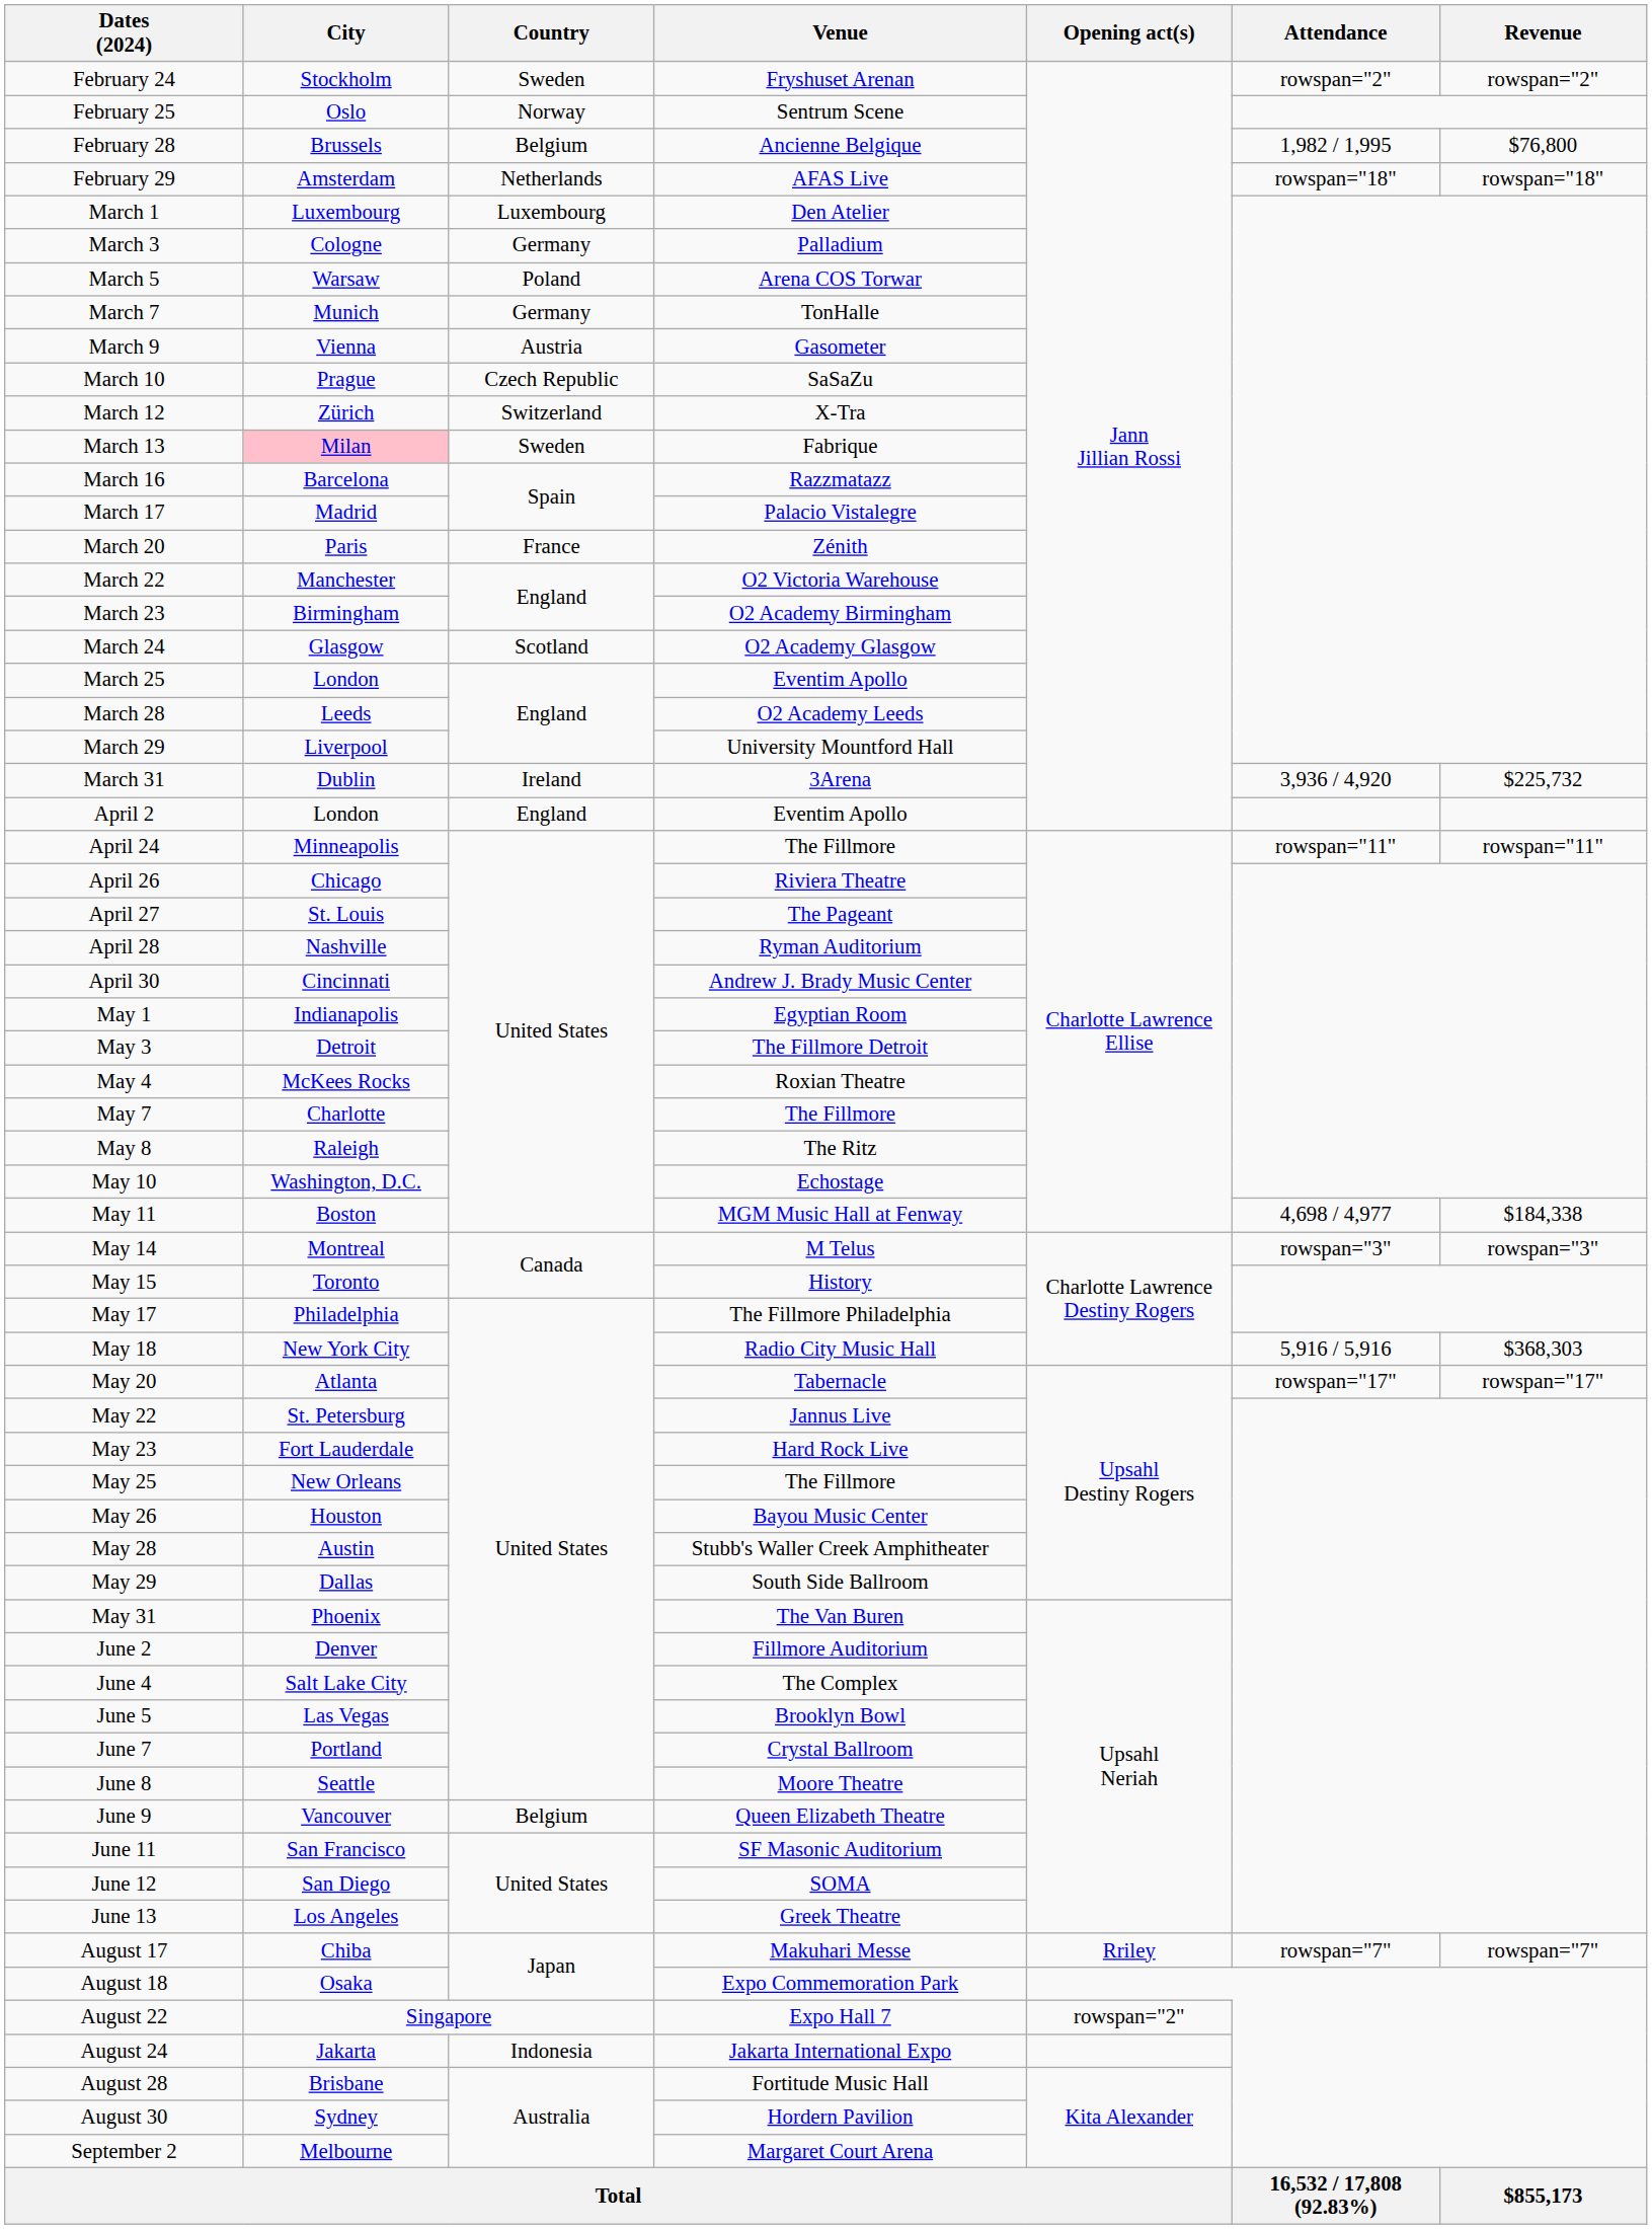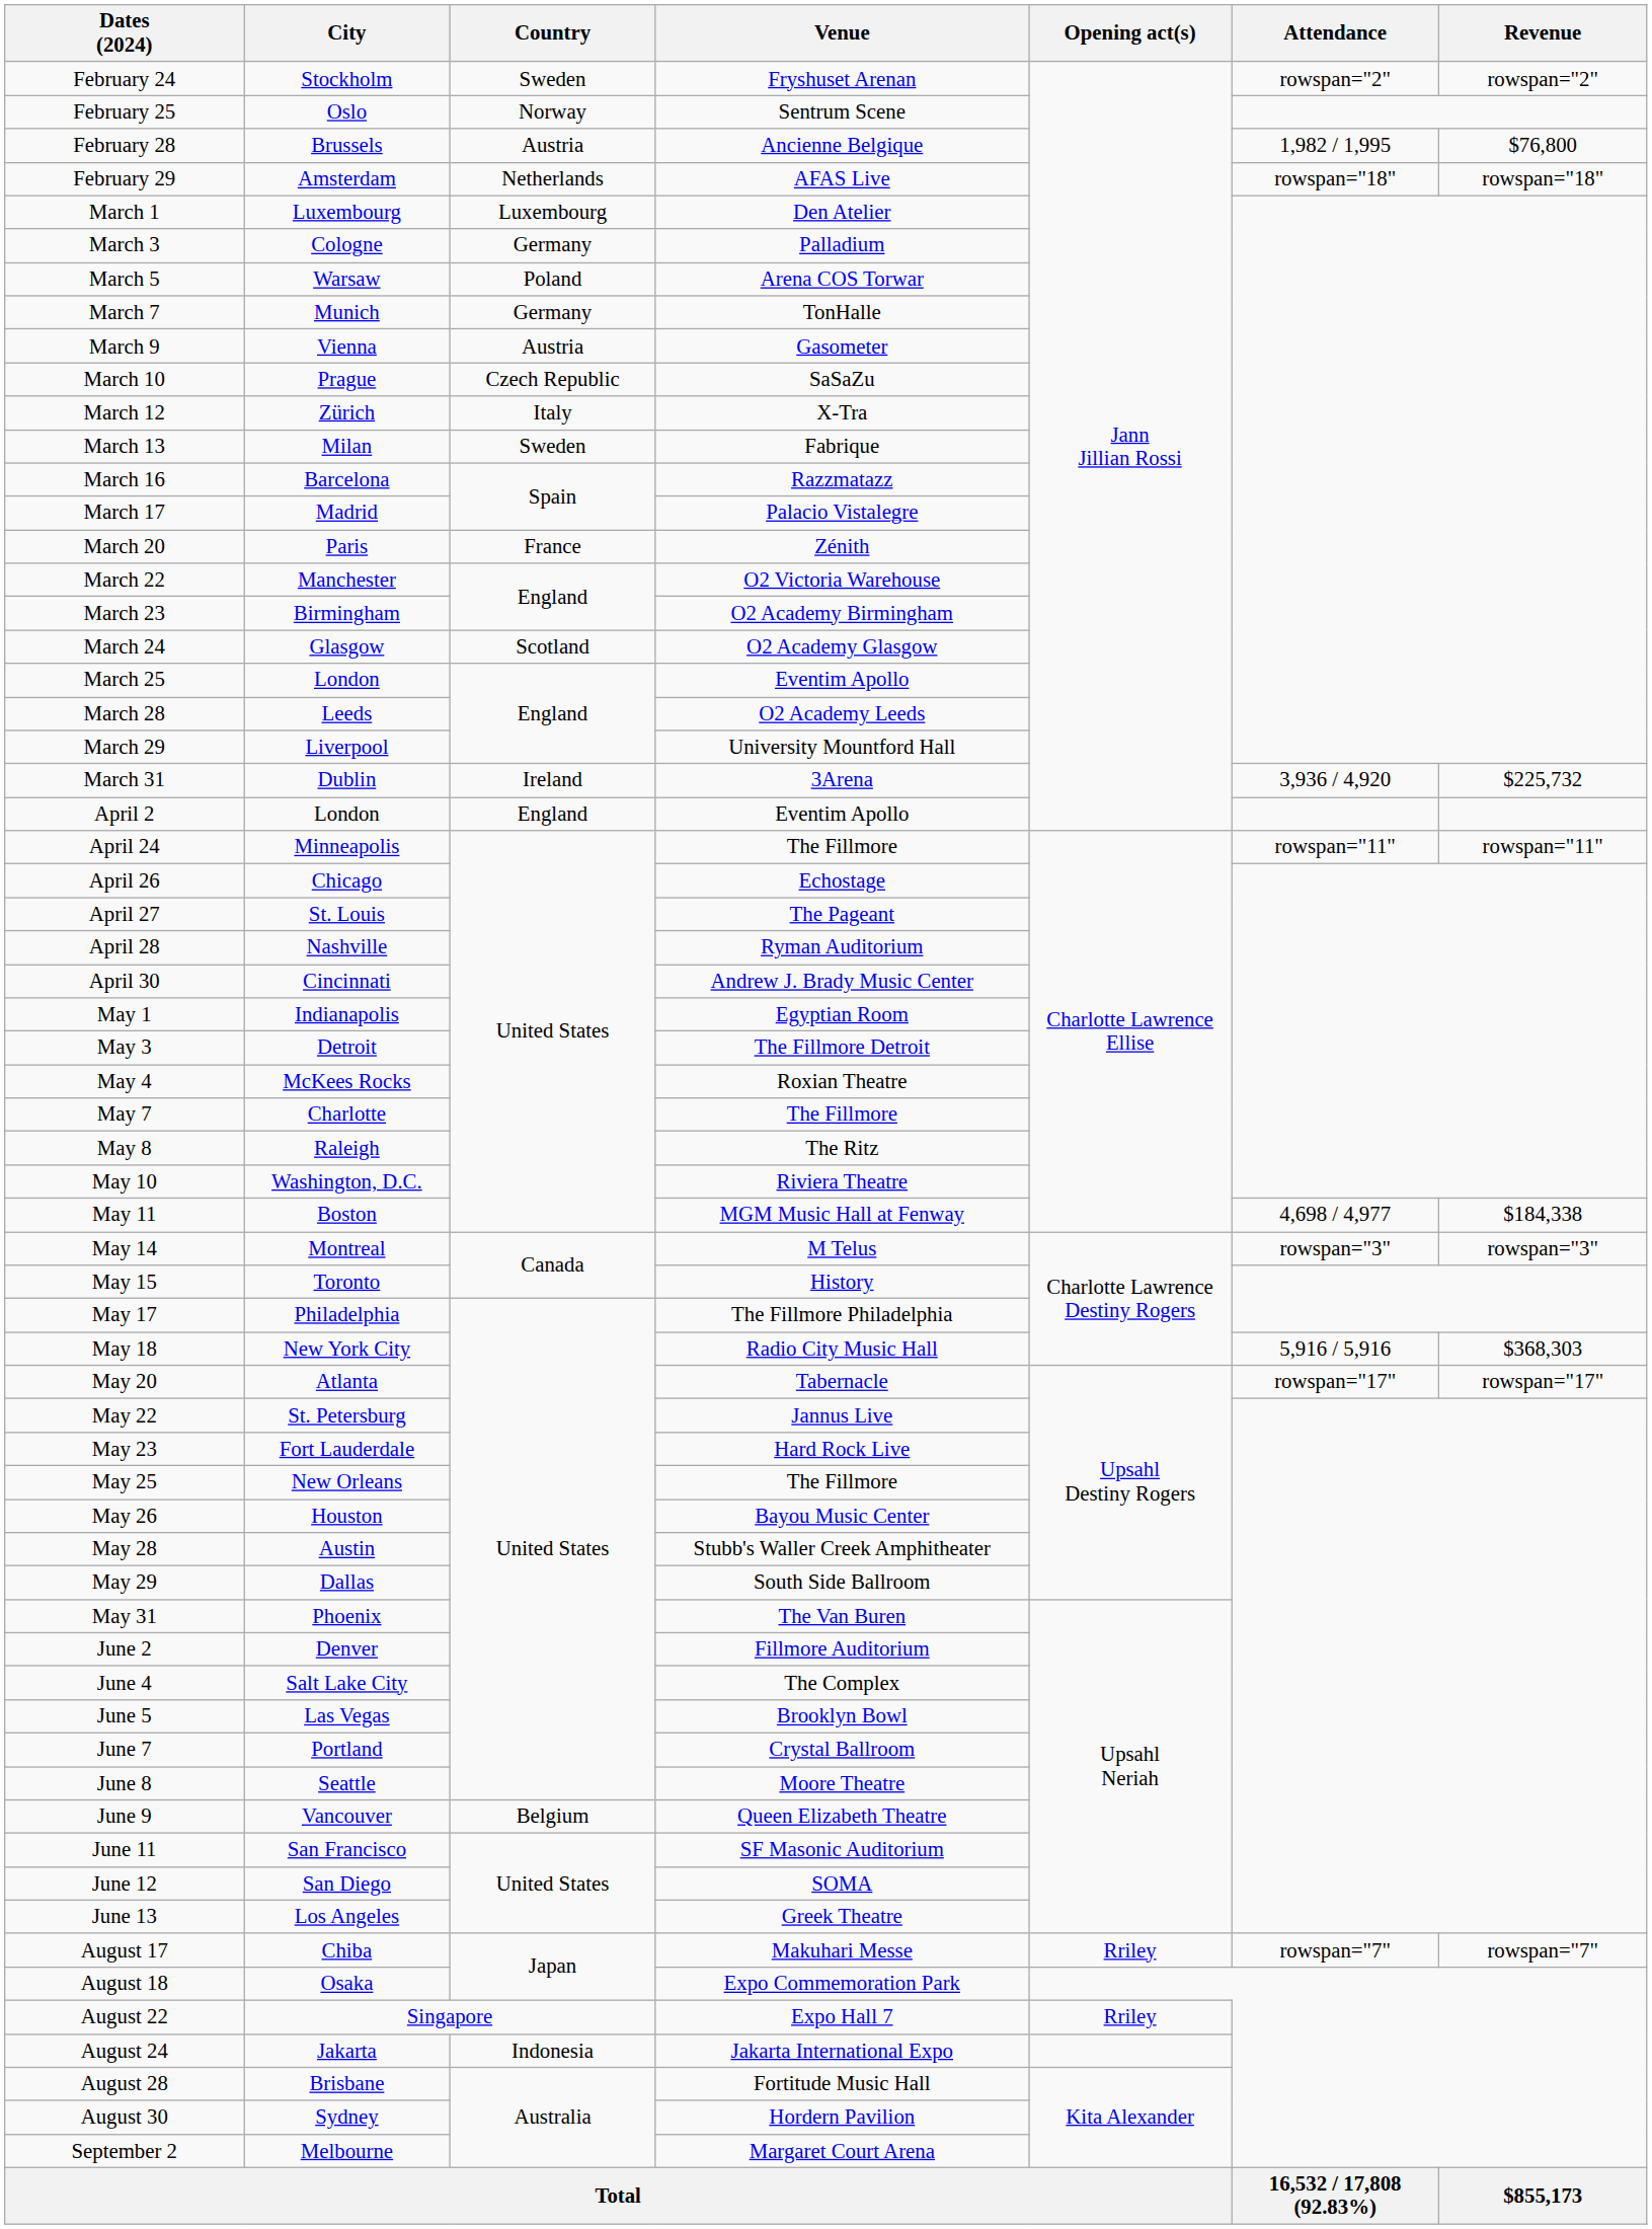 <table class="wikitable plainrowheaders" style="text-align:center;">
 <tr>
 <th scope="col" style="width:12em;">Dates<br>(2024)</th>
 <th scope="col" style="width:10em;">City</th>
 <th scope="col" style="width:10em;">Country</th>
 <th scope="col" style="width:19em;">Venue</th>
 <th scope="col" style="width:10em;">Opening act(s)</th>
 <th scope="col" style="width:10em;">Attendance</th>
 <th scope="col" style="width:10em;">Revenue</th>
 </tr>
 <tr>
 <td>February 24</td>
 <td><a href='#'>Stockholm</a></td>
 <td>Sweden</td>
 <td><a href='#'>Fryshuset Arenan</a></td>
 <td rowspan="23"><a href='#'>Jann</a> <br> <a href='#'>Jillian Rossi</a></td>
 <td>rowspan="2" </td>
 <td>rowspan="2" </td>
 </tr>
 <tr>
 <td>February 25</td>
 <td><a href='#'>Oslo</a></td>
 <td>Norway</td>
 <td>Sentrum Scene</td>
 </tr>
 <tr>
 <td>February 28</td>
 <td><a href='#'>Brussels</a></td>
-<td>Belgium</td>
+<td>Austria</td>
 <td><a href='#'>Ancienne Belgique</a></td>
 <td>1,982 / 1,995</td>
 <td>$76,800</td>
 </tr>
 <tr>
 <td>February 29</td>
 <td><a href='#'>Amsterdam</a></td>
 <td>Netherlands</td>
 <td><a href='#'>AFAS Live</a></td>
 <td>rowspan="18" </td>
 <td>rowspan="18" </td>
 </tr>
 <tr>
 <td>March 1</td>
 <td><a href='#'>Luxembourg</a></td>
 <td>Luxembourg</td>
 <td><a href='#'>Den Atelier</a></td>
 </tr>
 <tr>
 <td>March 3</td>
 <td><a href='#'>Cologne</a></td>
 <td>Germany</td>
 <td><a href='#'> Palladium</a></td>
 </tr>
 <tr>
 <td>March 5</td>
 <td><a href='#'>Warsaw</a></td>
 <td>Poland</td>
 <td><a href='#'>Arena COS Torwar</a></td>
 </tr>
 <tr>
 <td>March 7</td>
 <td><a href='#'>Munich</a></td>
 <td>Germany</td>
 <td>TonHalle</td>
 </tr>
 <tr>
 <td>March 9</td>
 <td><a href='#'>Vienna</a></td>
 <td>Austria</td>
 <td><a href='#'>Gasometer</a></td>
 </tr>
 <tr>
 <td>March 10</td>
 <td><a href='#'>Prague</a></td>
 <td>Czech Republic</td>
 <td>SaSaZu</td>
 </tr>
 <tr>
 <td>March 12</td>
 <td><a href='#'>Zürich</a></td>
-<td>Switzerland</td>
+<td>Italy</td>
 <td>X-Tra</td>
 </tr>
 <tr>
 <td>March 13</td>
-<td style="background: pink;"><a href='#'>Milan</a></td>
+<td><a href='#'>Milan</a></td>
 <td>Sweden</td>
 <td>Fabrique</td>
 </tr>
 <tr>
 <td>March 16</td>
 <td><a href='#'>Barcelona</a></td>
 <td rowspan="2">Spain</td>
 <td><a href='#'>Razzmatazz</a></td>
 </tr>
 <tr>
 <td>March 17</td>
 <td><a href='#'>Madrid</a></td>
 <td><a href='#'>Palacio Vistalegre</a></td>
 </tr>
 <tr>
 <td>March 20</td>
 <td><a href='#'>Paris</a></td>
 <td>France</td>
 <td><a href='#'>Zénith</a></td>
 </tr>
 <tr>
 <td>March 22</td>
 <td><a href='#'>Manchester</a></td>
 <td rowspan="2">England</td>
 <td><a href='#'>O2 Victoria Warehouse</a></td>
 </tr>
 <tr>
 <td>March 23</td>
 <td><a href='#'>Birmingham</a></td>
 <td><a href='#'>O2 Academy Birmingham</a></td>
 </tr>
 <tr>
 <td>March 24</td>
 <td><a href='#'>Glasgow</a></td>
 <td>Scotland</td>
 <td><a href='#'>O2 Academy Glasgow</a></td>
 </tr>
 <tr>
 <td>March 25</td>
 <td><a href='#'>London</a></td>
 <td rowspan="3">England</td>
 <td><a href='#'>Eventim Apollo</a></td>
 </tr>
 <tr>
 <td>March 28</td>
 <td><a href='#'>Leeds</a></td>
 <td><a href='#'>O2 Academy Leeds</a></td>
 </tr>
 <tr>
 <td>March 29</td>
 <td><a href='#'>Liverpool</a></td>
 <td>University Mountford Hall</td>
 </tr>
 <tr>
 <td>March 31</td>
 <td><a href='#'>Dublin</a></td>
 <td>Ireland</td>
 <td><a href='#'>3Arena</a></td>
 <td>3,936 / 4,920</td>
 <td>$225,732</td>
 </tr>
 <tr>
 <td>April 2</td>
 <td>London</td>
 <td>England</td>
 <td>Eventim Apollo</td>
 <td></td>
 <td></td>
 </tr>
 <tr>
 <td>April 24</td>
 <td><a href='#'>Minneapolis</a></td>
 <td rowspan="12">United States</td>
 <td>The Fillmore</td>
 <td rowspan="12"><a href='#'>Charlotte Lawrence</a> <br> <a href='#'>Ellise</a></td>
 <td>rowspan="11" </td>
 <td>rowspan="11" </td>
 </tr>
 <tr>
 <td>April 26</td>
 <td><a href='#'>Chicago</a></td>
-<td><a href='#'>Riviera Theatre</a></td>
+<td><a href='#'>Echostage</a></td>
 </tr>
 <tr>
 <td>April 27</td>
 <td><a href='#'>St. Louis</a></td>
 <td><a href='#'>The Pageant</a></td>
 </tr>
 <tr>
 <td>April 28</td>
 <td><a href='#'>Nashville</a></td>
 <td><a href='#'>Ryman Auditorium</a></td>
 </tr>
 <tr>
 <td>April 30</td>
 <td><a href='#'>Cincinnati</a></td>
 <td><a href='#'>Andrew J. Brady Music Center</a></td>
 </tr>
 <tr>
 <td>May 1</td>
 <td><a href='#'>Indianapolis</a></td>
 <td><a href='#'>Egyptian Room</a></td>
 </tr>
 <tr>
 <td>May 3</td>
 <td><a href='#'>Detroit</a></td>
 <td><a href='#'>The Fillmore Detroit</a></td>
 </tr>
 <tr>
 <td>May 4</td>
 <td><a href='#'>McKees Rocks</a></td>
 <td>Roxian Theatre</td>
 </tr>
 <tr>
 <td>May 7</td>
 <td><a href='#'>Charlotte</a></td>
 <td><a href='#'>The Fillmore</a></td>
 </tr>
 <tr>
 <td>May 8</td>
 <td><a href='#'>Raleigh</a></td>
 <td>The Ritz</td>
 </tr>
 <tr>
 <td>May 10</td>
 <td><a href='#'>Washington, D.C.</a></td>
-<td><a href='#'>Echostage</a></td>
+<td><a href='#'>Riviera Theatre</a></td>
 </tr>
 <tr>
 <td>May 11</td>
 <td><a href='#'>Boston</a></td>
 <td><a href='#'>MGM Music Hall at Fenway</a></td>
 <td>4,698 / 4,977</td>
 <td>$184,338</td>
 </tr>
 <tr>
 <td>May 14</td>
 <td><a href='#'>Montreal</a></td>
 <td rowspan="2">Canada</td>
 <td><a href='#'>M Telus</a></td>
 <td rowspan="4">Charlotte Lawrence <br> <a href='#'>Destiny Rogers</a></td>
 <td>rowspan="3" </td>
 <td>rowspan="3" </td>
 </tr>
 <tr>
 <td>May 15</td>
 <td><a href='#'>Toronto</a></td>
 <td><a href='#'>History</a></td>
 </tr>
 <tr>
 <td>May 17</td>
 <td><a href='#'>Philadelphia</a></td>
 <td rowspan="15">United States</td>
 <td>The Fillmore Philadelphia</td>
 </tr>
 <tr>
 <td>May 18</td>
 <td><a href='#'>New York City</a></td>
 <td><a href='#'>Radio City Music Hall</a></td>
 <td>5,916 / 5,916</td>
 <td>$368,303</td>
 </tr>
 <tr>
 <td>May 20</td>
 <td><a href='#'>Atlanta</a></td>
 <td><a href='#'>Tabernacle</a></td>
 <td rowspan="7"><a href='#'>Upsahl</a> <br> Destiny Rogers</td>
 <td>rowspan="17" </td>
 <td>rowspan="17" </td>
 </tr>
 <tr>
 <td>May 22</td>
 <td><a href='#'>St. Petersburg</a></td>
 <td><a href='#'>Jannus Live</a></td>
 </tr>
 <tr>
 <td>May 23</td>
 <td><a href='#'>Fort Lauderdale</a></td>
 <td><a href='#'>Hard Rock Live</a></td>
 </tr>
 <tr>
 <td>May 25</td>
 <td><a href='#'>New Orleans</a></td>
 <td>The Fillmore</td>
 </tr>
 <tr>
 <td>May 26</td>
 <td><a href='#'>Houston</a></td>
 <td><a href='#'>Bayou Music Center</a></td>
 </tr>
 <tr>
 <td>May 28</td>
 <td><a href='#'>Austin</a></td>
 <td>Stubb's Waller Creek Amphitheater</td>
 </tr>
 <tr>
 <td>May 29</td>
 <td><a href='#'>Dallas</a></td>
 <td>South Side Ballroom</td>
 </tr>
 <tr>
 <td>May 31</td>
 <td><a href='#'>Phoenix</a></td>
 <td><a href='#'>The Van Buren</a></td>
 <td rowspan="10">Upsahl <br> Neriah</td>
 </tr>
 <tr>
 <td>June 2</td>
 <td><a href='#'>Denver</a></td>
 <td><a href='#'>Fillmore Auditorium</a></td>
 </tr>
 <tr>
 <td>June 4</td>
 <td><a href='#'>Salt Lake City</a></td>
 <td>The Complex</td>
 </tr>
 <tr>
 <td>June 5</td>
 <td><a href='#'>Las Vegas</a></td>
 <td><a href='#'>Brooklyn Bowl</a></td>
 </tr>
 <tr>
 <td>June 7</td>
 <td><a href='#'>Portland</a></td>
 <td><a href='#'>Crystal Ballroom</a></td>
 </tr>
 <tr>
 <td>June 8</td>
 <td><a href='#'>Seattle</a></td>
 <td><a href='#'>Moore Theatre</a></td>
 </tr>
 <tr>
 <td>June 9</td>
 <td><a href='#'>Vancouver</a></td>
 <td>Belgium</td>
 <td><a href='#'>Queen Elizabeth Theatre</a></td>
 </tr>
 <tr>
 <td>June 11</td>
 <td><a href='#'>San Francisco</a></td>
 <td rowspan="3">United States</td>
 <td><a href='#'>SF Masonic Auditorium</a></td>
 </tr>
 <tr>
 <td>June 12</td>
 <td><a href='#'>San Diego</a></td>
 <td><a href='#'>SOMA</a></td>
 </tr>
 <tr>
 <td>June 13</td>
 <td><a href='#'>Los Angeles</a></td>
 <td><a href='#'>Greek Theatre</a></td>
 </tr>
 <tr>
 <td>August 17</td>
 <td><a href='#'>Chiba</a></td>
 <td rowspan="2">Japan</td>
 <td><a href='#'>Makuhari Messe</a></td>
 <td><a href='#'>Rriley</a></td>
 <td>rowspan="7" </td>
 <td>rowspan="7" </td>
 </tr>
 <tr>
 <td>August 18</td>
 <td><a href='#'>Osaka</a></td>
 <td><a href='#'>Expo Commemoration Park</a></td>
 </tr>
 <tr>
 <td>August 22</td>
 <td colspan="2"><a href='#'>Singapore</a></td>
 <td><a href='#'>Expo Hall 7</a></td>
-<td>rowspan="2" </td>
+<td><a href='#'>Rriley</a></td>
 </tr>
 <tr>
 <td>August 24</td>
 <td><a href='#'>Jakarta</a></td>
 <td>Indonesia</td>
 <td><a href='#'>Jakarta International Expo</a></td>
 <td></td>
 </tr>
 <tr>
 <td>August 28</td>
 <td><a href='#'>Brisbane</a></td>
 <td rowspan="3">Australia</td>
 <td>Fortitude Music Hall</td>
 <td rowspan="3"><a href='#'>Kita Alexander</a></td>
 </tr>
 <tr>
 <td>August 30</td>
 <td><a href='#'>Sydney</a></td>
 <td><a href='#'>Hordern Pavilion</a></td>
 </tr>
 <tr>
 <td>September 2</td>
 <td><a href='#'>Melbourne</a></td>
 <td><a href='#'>Margaret Court Arena</a></td>
 </tr>
 <tr>
 <th colspan="5">Total</th>
 <th>16,532 / 17,808 (92.83%)</th>
 <th>$855,173</th>
 </tr>
 </table>
